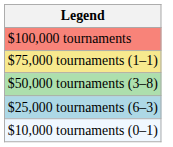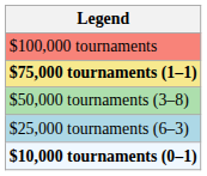 <table class=wikitable style="font-size:90%">
 <tr>
 <th>Legend</th>
 </tr>
 <tr style="background:#f88379;">
 <td>$100,000 tournaments</td>
 </tr>
 <tr style="background:#f7e98e;">
-<td>$75,000 tournaments (1–1)</td>
+<td><strong>$75,000 tournaments (1–1)</strong></td>
 </tr>
 <tr style="background:#addfad;">
 <td>$50,000 tournaments (3–8)</td>
 </tr>
 <tr style="background:lightblue;">
 <td>$25,000 tournaments (6–3)</td>
 </tr>
 <tr style="background:#f0f8ff;">
-<td>$10,000 tournaments (0–1)</td>
+<td><strong>$10,000 tournaments (0–1)</strong></td>
 </tr>
 </table>
